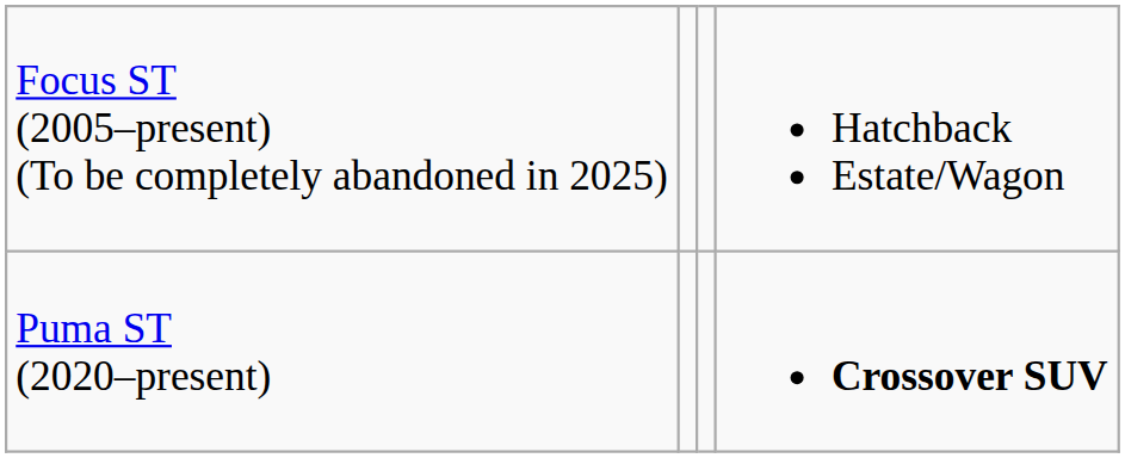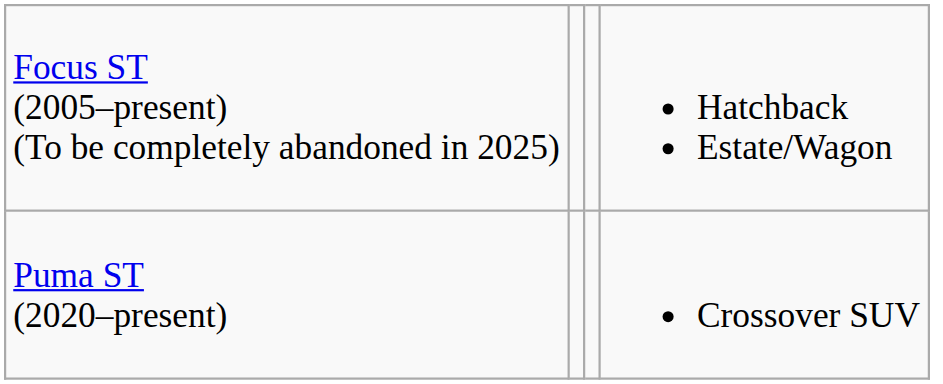 <table class="wikitable">
 <tr>
 <td><a href='#'>Focus ST</a><br>(2005–present)<br>(To be completely abandoned in 2025)</td>
 <td></td>
 <td></td>
 <td><br><ul><li>Hatchback</li><li>Estate/Wagon</li></ul></td>
 </tr>
 <tr>
 <td><a href='#'>Puma ST</a><br>(2020–present)</td>
 <td></td>
 <td></td>
-<td><strong><br><ul><li>Crossover SUV</li></ul></strong></td>
+<td><br><ul><li>Crossover SUV</li></ul></td>
 </tr>
 </table>
